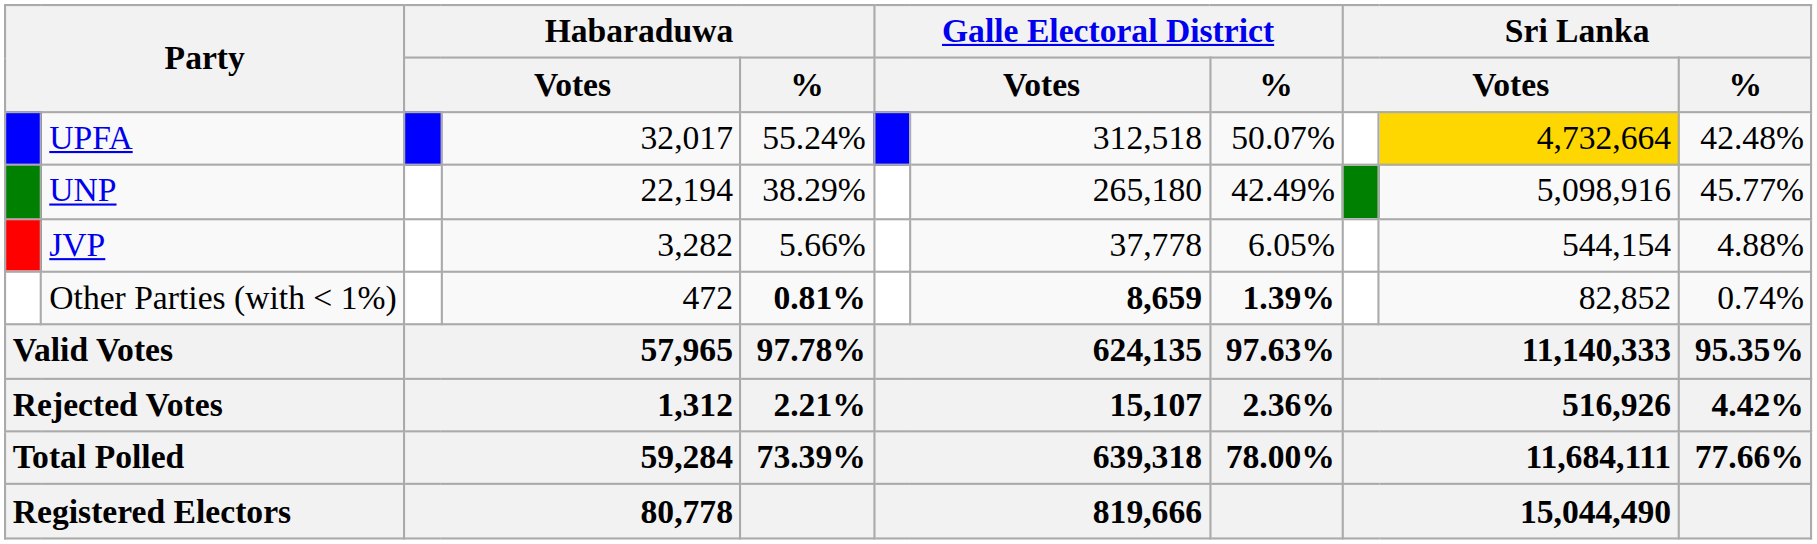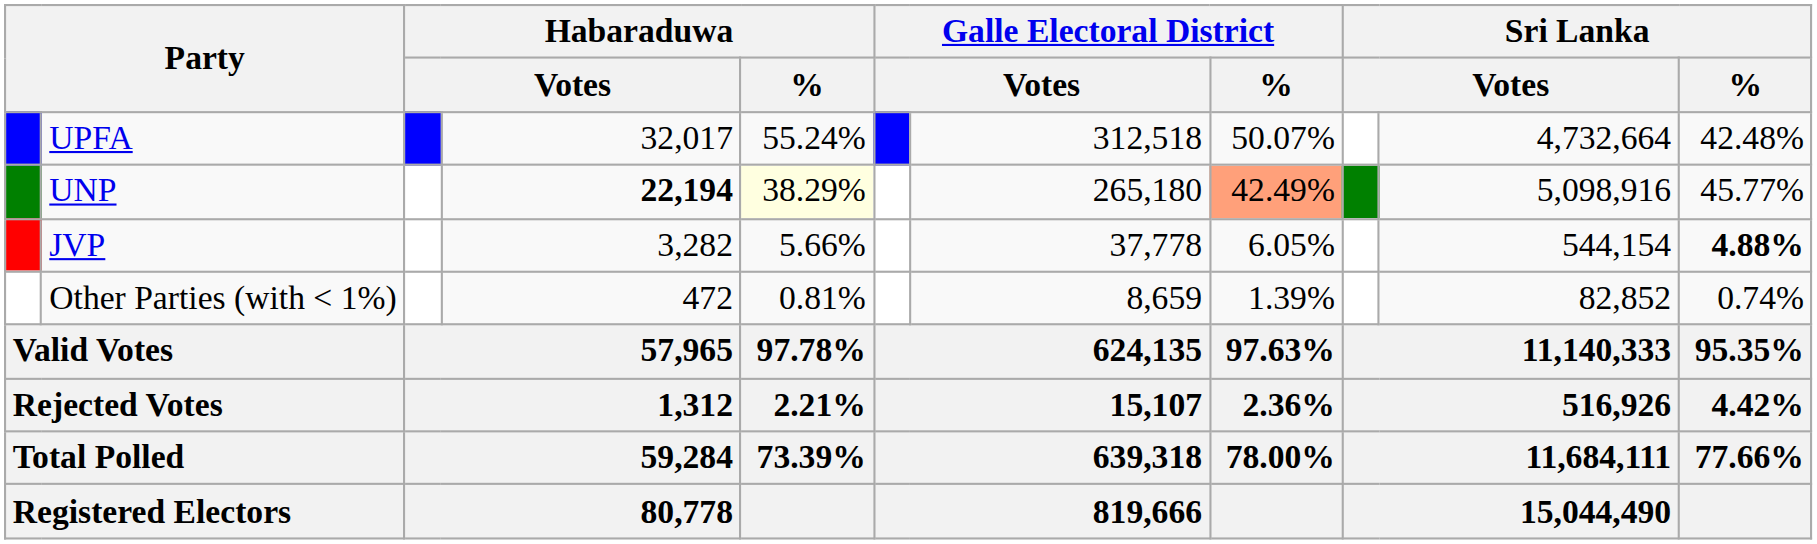 <table class="wikitable">
 <tr>
 <th colspan="2" width="144px"rowspan="2">Party</th>
 <th colspan="3" width="216px">Habaraduwa</th>
 <th colspan="3" width="216px"><a href='#'>Galle Electoral District</a></th>
 <th colspan="3" width="216px">Sri Lanka</th>
 </tr>
 <tr>
 <th colspan="2" width="144px">Votes</th>
 <th>%</th>
 <th colspan="2" width="144px">Votes</th>
 <th>%</th>
 <th colspan="2" width="144px">Votes</th>
 <th>%</th>
 </tr>
 <tr>
 <td style="background-color:blue;" width="10px"></td>
 <td style="text-align:left;"><a href='#'>UPFA</a></td>
 <td style="background-color:blue;" width="10px"></td>
 <td style="text-align:right;">32,017</td>
 <td style="text-align:right;">55.24%</td>
 <td style="background-color:blue;" width="10px"></td>
 <td style="text-align:right;">312,518</td>
 <td style="text-align:right;">50.07%</td>
 <td style="background-color:white;" width="10px"></td>
-<td style="background: gold; text-align:right;">4,732,664</td>
+<td style="text-align:right;">4,732,664</td>
 <td style="text-align:right;">42.48%</td>
 </tr>
 <tr>
 <td style="background-color:green;" width="10px"></td>
 <td style="text-align:left;"><a href='#'>UNP</a></td>
 <td style="background-color:white;" width="10px"></td>
-<td style="text-align:right;">22,194</td>
-<td style="text-align:right;">38.29%</td>
+<td style="text-align:right;"><strong>22,194</strong></td>
+<td style="background: lightyellow; text-align:right;">38.29%</td>
 <td style="background-color:white;" width="10px"></td>
 <td style="text-align:right;">265,180</td>
-<td style="text-align:right;">42.49%</td>
+<td style="background: lightsalmon; text-align:right;">42.49%</td>
 <td style="background-color:green;" width="10px"></td>
 <td style="text-align:right;">5,098,916</td>
 <td style="text-align:right;">45.77%</td>
 </tr>
 <tr>
 <td style="background-color:red;" width="10px"></td>
 <td style="text-align:left;"><a href='#'>JVP</a></td>
 <td style="background-color:white;" width="10px"></td>
 <td style="text-align:right;">3,282</td>
 <td style="text-align:right;">5.66%</td>
 <td style="background-color:white;" width="10px"></td>
 <td style="text-align:right;">37,778</td>
 <td style="text-align:right;">6.05%</td>
 <td style="background-color:white;" width="10px"></td>
 <td style="text-align:right;">544,154</td>
-<td style="text-align:right;">4.88%</td>
+<td style="text-align:right;"><strong>4.88%</strong></td>
 </tr>
 <tr>
 <td style="background-color:white;" width="10px"></td>
 <td style="text-align:left;">Other Parties (with < 1%)</td>
 <td style="background-color:white;" width="10px"></td>
 <td style="text-align:right;">472</td>
-<td style="text-align:right;"><strong>0.81%</strong></td>
+<td style="text-align:right;">0.81%</td>
 <td style="background-color:white;" width="10px"></td>
-<td style="text-align:right;"><strong>8,659</strong></td>
-<td style="text-align:right;"><strong>1.39%</strong></td>
+<td style="text-align:right;">8,659</td>
+<td style="text-align:right;">1.39%</td>
 <td style="background-color:white;" width="10px"></td>
 <td style="text-align:right;">82,852</td>
 <td style="text-align:right;">0.74%</td>
 </tr>
 <tr>
 <th colspan="2" width="144px"style="text-align:left;">Valid Votes</th>
 <th style="text-align:right;"colspan="2" width="144px">57,965</th>
 <th style="text-align:right;">97.78%</th>
 <th style="text-align:right;"colspan="2" width="144px">624,135</th>
 <th style="text-align:right;">97.63%</th>
 <th style="text-align:right;"colspan="2" width="144px">11,140,333</th>
 <th style="text-align:right;">95.35%</th>
 </tr>
 <tr>
 <th colspan="2" width="144px"style="text-align:left;">Rejected Votes</th>
 <th style="text-align:right;"colspan="2" width="144px">1,312</th>
 <th style="text-align:right;">2.21%</th>
 <th style="text-align:right;"colspan="2" width="144px">15,107</th>
 <th style="text-align:right;">2.36%</th>
 <th style="text-align:right;"colspan="2" width="144px">516,926</th>
 <th style="text-align:right;">4.42%</th>
 </tr>
 <tr>
 <th colspan="2" width="144px"style="text-align:left;">Total Polled</th>
 <th style="text-align:right;"colspan="2" width="144px">59,284</th>
 <th style="text-align:right;">73.39%</th>
 <th style="text-align:right;"colspan="2" width="144px">639,318</th>
 <th style="text-align:right;">78.00%</th>
 <th style="text-align:right;"colspan="2" width="144px">11,684,111</th>
 <th style="text-align:right;">77.66%</th>
 </tr>
 <tr>
 <th colspan="2" width="144px"style="text-align:left;">Registered Electors</th>
 <th style="text-align:right;"colspan="2" width="144px">80,778</th>
 <th></th>
 <th style="text-align:right;"colspan="2" width="144px">819,666</th>
 <th></th>
 <th style="text-align:right;"colspan="2" width="144px">15,044,490</th>
 <th></th>
 </tr>
 </table>
